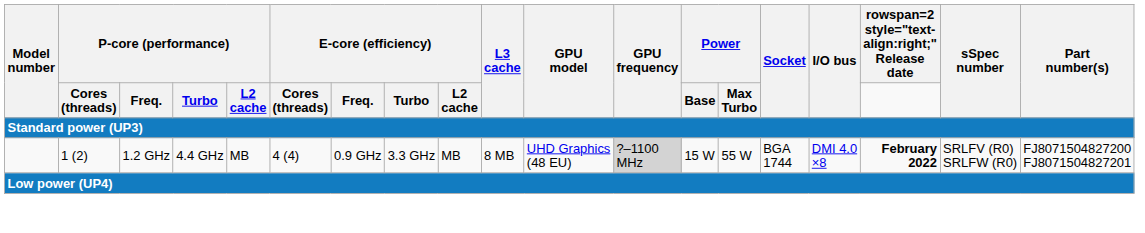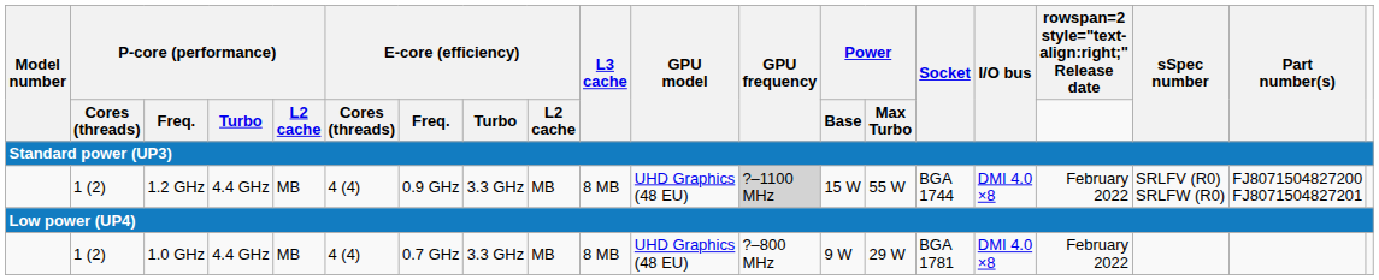 <table class="wikitable" style="font-size:90%">
 <tr>
 <th rowspan=2>Model<br>number</th>
 <th colspan=4>P-core (performance)</th>
 <th colspan=4>E-core (efficiency)</th>
 <th rowspan=2><a href='#'>L3<br>cache</a></th>
 <th rowspan=2>GPU<br>model</th>
 <th rowspan=2>GPU<br>frequency</th>
 <th colspan=2><a href='#'>Power</a></th>
 <th rowspan=2><a href='#'>Socket</a></th>
 <th rowspan=2>I/O bus</th>
 <th>rowspan=2 style="text-align:right;"  Release date</th>
 <th rowspan=2>sSpec<br>number</th>
 <th rowspan=2>Part<br>number(s)</th>
 </tr>
 <tr>
 <th>Cores<br>(threads)</th>
 <th>Freq.</th>
 <th><a href='#'>Turbo</a></th>
 <th><a href='#'>L2<br>cache</a></th>
 <th>Cores<br>(threads)</th>
 <th>Freq.</th>
 <th>Turbo</th>
 <th>L2<br>cache</th>
 <th>Base</th>
 <th>Max<br>Turbo</th>
 </tr>
 <tr>
 <td align="left" colspan=20 style="background:#127cc1;color: white"><strong>Standard power (UP3)</strong></td>
 </tr>
 <tr>
 <td></td>
 <td>1 (2)</td>
 <td>1.2 GHz</td>
 <td>4.4 GHz</td>
 <td> MB</td>
 <td>4 (4)</td>
 <td>0.9 GHz</td>
 <td>3.3 GHz</td>
 <td> MB</td>
 <td>8 MB</td>
 <td><a href='#'>UHD Graphics</a> (48 EU)</td>
 <td style="background: lightgrey;">?–1100 MHz</td>
 <td>15 W</td>
 <td>55 W</td>
 <td>BGA 1744</td>
 <td><a href='#'>DMI 4.0 ×8</a></td>
-<td style="text-align:right;"><strong>February 2022</strong></td>
+<td style="text-align:right;">February 2022</td>
 <td>SRLFV (R0)<br>SRLFW (R0)</td>
 <td>FJ8071504827200<br>FJ8071504827201</td>
 </tr>
 <tr>
 <td align="left" colspan=20 style="background:#127cc1;color: white"><strong>Low power (UP4)</strong></td>
 </tr>
+<tr>
+<td></td>
+<td>1 (2)</td>
+<td>1.0 GHz</td>
+<td>4.4 GHz</td>
+<td> MB</td>
+<td>4 (4)</td>
+<td>0.7 GHz</td>
+<td>3.3 GHz</td>
+<td> MB</td>
+<td>8 MB</td>
+<td><a href='#'>UHD Graphics</a> (48 EU)</td>
+<td>?–800 MHz</td>
+<td>9 W</td>
+<td>29 W</td>
+<td>BGA 1781</td>
+<td><a href='#'>DMI 4.0 ×8</a></td>
+<td style="text-align:right;">February 2022</td>
+<td></td>
+<td></td>
+<td></td>
+</tr>
 </table>
